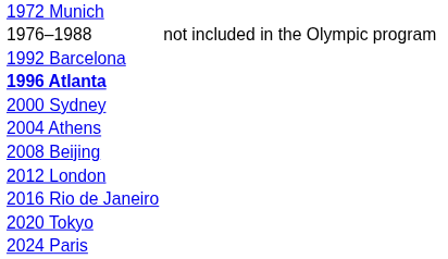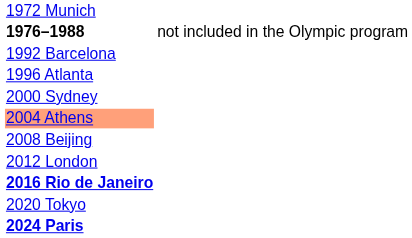 <table>
 <tr>
 <td><a href='#'>1972 Munich</a><br></td>
 <td></td>
 <td></td>
 <td></td>
 </tr>
 <tr>
-<td>1976–1988</td>
+<td><strong>1976–1988</strong></td>
 <td colspan=3 align=center>not included in the Olympic program</td>
 </tr>
 <tr>
 <td><a href='#'>1992 Barcelona</a><br></td>
 <td></td>
 <td></td>
 <td></td>
 </tr>
 <tr>
-<td><strong><a href='#'>1996 Atlanta</a><br></strong></td>
+<td><a href='#'>1996 Atlanta</a><br></td>
 <td></td>
 <td></td>
 <td></td>
 </tr>
 <tr>
 <td><a href='#'>2000 Sydney</a><br></td>
 <td></td>
 <td></td>
 <td></td>
 </tr>
 <tr>
-<td><a href='#'>2004 Athens</a><br></td>
+<td style="background: lightsalmon;"><a href='#'>2004 Athens</a><br></td>
 <td></td>
 <td></td>
 <td></td>
 </tr>
 <tr>
 <td><a href='#'>2008 Beijing</a><br></td>
 <td></td>
 <td></td>
 <td></td>
 </tr>
 <tr>
 <td><a href='#'>2012 London</a><br></td>
 <td></td>
 <td></td>
 <td></td>
 </tr>
 <tr>
-<td><a href='#'>2016 Rio de Janeiro</a><br></td>
+<td><strong><a href='#'>2016 Rio de Janeiro</a><br></strong></td>
 <td></td>
 <td></td>
 <td></td>
 </tr>
 <tr>
 <td><a href='#'>2020 Tokyo</a><br></td>
 <td></td>
 <td></td>
 <td></td>
 </tr>
 <tr>
-<td><a href='#'>2024 Paris</a> <br></td>
+<td><strong><a href='#'>2024 Paris</a> <br></strong></td>
 <td></td>
 <td></td>
 <td></td>
 </tr>
 <tr>
 </tr>
 </table>
